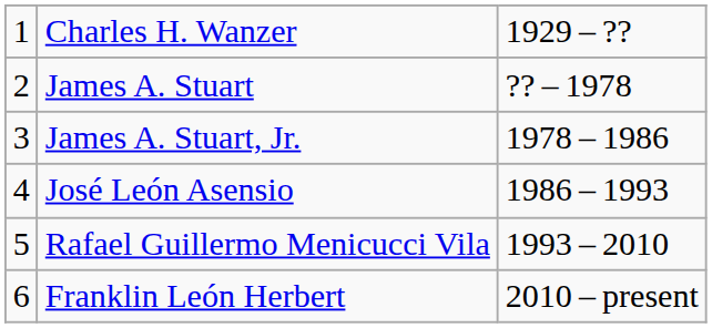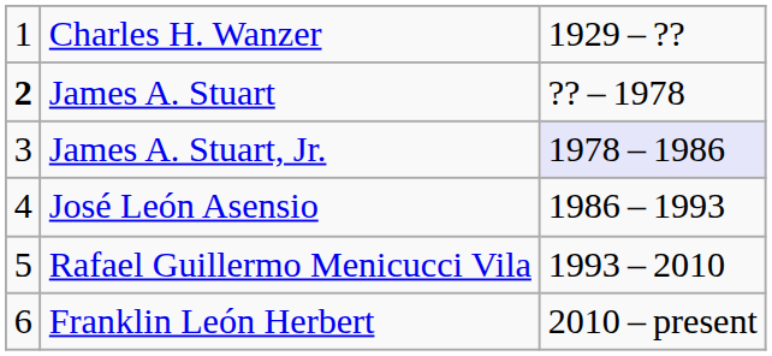 <table class="wikitable">
 <tr>
 <td>1</td>
 <td><a href='#'>Charles H. Wanzer</a></td>
 <td>1929 – ??</td>
 </tr>
 <tr>
-<td>2</td>
+<td><strong>2</strong></td>
 <td><a href='#'>James A. Stuart</a></td>
 <td>?? – 1978</td>
 </tr>
 <tr>
 <td>3</td>
 <td><a href='#'>James A. Stuart, Jr.</a></td>
-<td>1978 – 1986</td>
+<td style="background: lavender;">1978 – 1986</td>
 </tr>
 <tr>
 <td>4</td>
 <td><a href='#'>José León Asensio</a></td>
 <td>1986 – 1993</td>
 </tr>
 <tr>
 <td>5</td>
 <td><a href='#'>Rafael Guillermo Menicucci Vila</a></td>
 <td>1993 – 2010</td>
 </tr>
 <tr>
 <td>6</td>
 <td><a href='#'>Franklin León Herbert</a></td>
 <td>2010 – present</td>
 </tr>
 </table>
